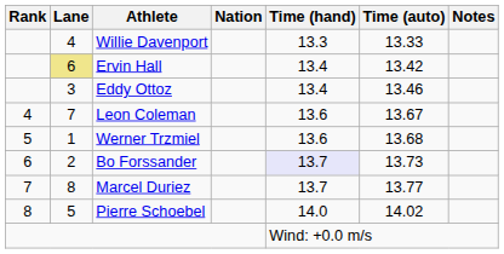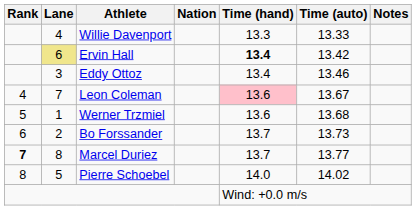 <table class="wikitable sortable" style="text-align:center">
 <tr>
 <th>Rank</th>
 <th>Lane</th>
 <th>Athlete</th>
 <th>Nation</th>
 <th>Time (hand)</th>
 <th>Time (auto)</th>
 <th>Notes</th>
 </tr>
 <tr>
 <td></td>
 <td>4</td>
 <td align=left><a href='#'>Willie Davenport</a></td>
 <td align=left></td>
 <td>13.3</td>
 <td>13.33</td>
 <td></td>
 </tr>
 <tr>
 <td></td>
 <td style="background: khaki;">6</td>
 <td align=left><a href='#'>Ervin Hall</a></td>
 <td align=left></td>
-<td>13.4</td>
+<td><strong>13.4</strong></td>
 <td>13.42</td>
 <td></td>
 </tr>
 <tr>
 <td></td>
 <td>3</td>
 <td align=left><a href='#'>Eddy Ottoz</a></td>
 <td align=left></td>
 <td>13.4</td>
 <td>13.46</td>
 <td></td>
 </tr>
 <tr>
 <td>4</td>
 <td>7</td>
 <td align=left><a href='#'>Leon Coleman</a></td>
 <td align=left></td>
-<td>13.6</td>
+<td style="background: pink;">13.6</td>
 <td>13.67</td>
 <td></td>
 </tr>
 <tr>
 <td>5</td>
 <td>1</td>
 <td align=left><a href='#'>Werner Trzmiel</a></td>
 <td align=left></td>
 <td>13.6</td>
 <td>13.68</td>
 <td></td>
 </tr>
 <tr>
 <td>6</td>
 <td>2</td>
 <td align=left><a href='#'>Bo Forssander</a></td>
 <td align=left></td>
-<td style="background: lavender;">13.7</td>
+<td>13.7</td>
 <td>13.73</td>
 <td></td>
 </tr>
 <tr>
-<td>7</td>
+<td><strong>7</strong></td>
 <td>8</td>
 <td align=left><a href='#'>Marcel Duriez</a></td>
 <td align=left></td>
 <td>13.7</td>
 <td>13.77</td>
 <td></td>
 </tr>
 <tr>
 <td>8</td>
 <td>5</td>
 <td align=left><a href='#'>Pierre Schoebel</a></td>
 <td align=left></td>
 <td>14.0</td>
 <td>14.02</td>
 <td></td>
 </tr>
 <tr class="sortbottom">
 <td colspan=4></td>
 <td colspan="3" style="text-align:left;">Wind: +0.0 m/s</td>
 </tr>
 </table>
